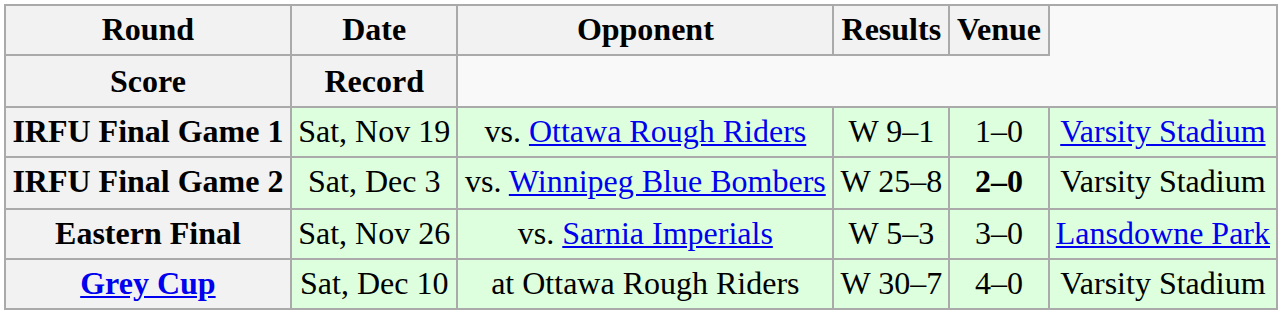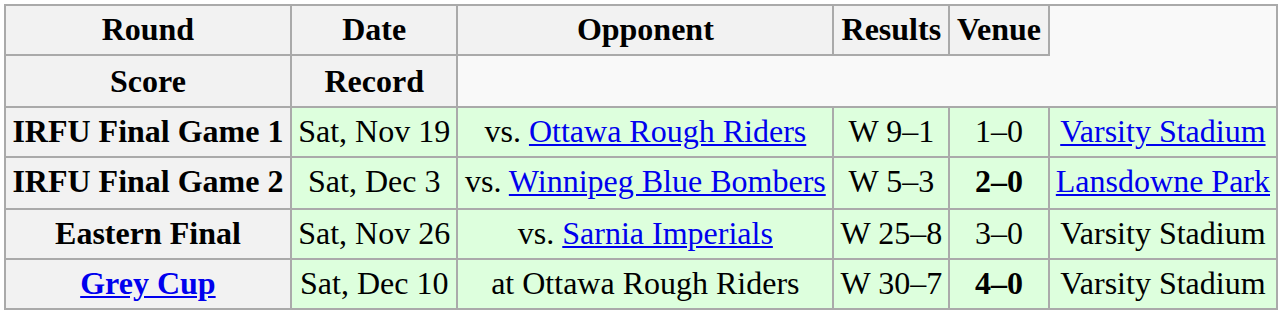 <table class="wikitable" style="text-align:center">
 <tr>
 <th>Round</th>
 <th>Date</th>
 <th>Opponent</th>
 <th>Results</th>
 <th>Venue</th>
 </tr>
 <tr>
 <th>Score</th>
 <th>Record</th>
 </tr>
 <tr style="background:#ddffdd">
 <th>IRFU Final Game 1</th>
 <td>Sat, Nov 19</td>
 <td>vs. <a href='#'>Ottawa Rough Riders</a></td>
 <td>W 9–1</td>
 <td>1–0</td>
 <td><a href='#'>Varsity Stadium</a></td>
 </tr>
 <tr style="background:#ddffdd">
 <th>IRFU Final Game 2</th>
 <td>Sat, Dec 3</td>
 <td>vs. <a href='#'>Winnipeg Blue Bombers</a></td>
-<td>W 25–8</td>
+<td>W 5–3</td>
 <td><strong>2–0</strong></td>
-<td>Varsity Stadium</td>
+<td><a href='#'>Lansdowne Park</a></td>
 </tr>
 <tr style="background:#ddffdd">
 <th>Eastern Final</th>
 <td>Sat, Nov 26</td>
 <td>vs. <a href='#'>Sarnia Imperials</a></td>
-<td>W 5–3</td>
+<td>W 25–8</td>
 <td>3–0</td>
-<td><a href='#'>Lansdowne Park</a></td>
+<td>Varsity Stadium</td>
 </tr>
 <tr style="background:#ddffdd">
 <th><a href='#'>Grey Cup</a></th>
 <td>Sat, Dec 10</td>
 <td>at Ottawa Rough Riders</td>
 <td>W 30–7</td>
-<td>4–0</td>
+<td><strong>4–0</strong></td>
 <td>Varsity Stadium</td>
 </tr>
 </table>
